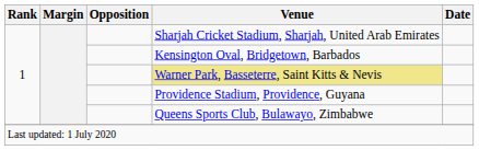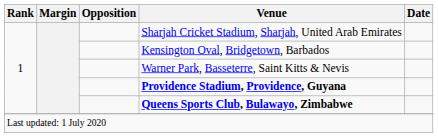 <table class="wikitable plainrowheaders sortable">
 <tr>
 <th scope=col>Rank</th>
 <th scope=col>Margin</th>
 <th scope=col>Opposition</th>
 <th scope=col>Venue</th>
 <th scope=col>Date</th>
 </tr>
 <tr>
 <td align=center rowspan=5>1</td>
 <th scope=row style=text-align:center; rowspan=5></th>
 <td></td>
 <td><a href='#'>Sharjah Cricket Stadium</a>, <a href='#'>Sharjah</a>, United Arab Emirates</td>
 <td></td>
 </tr>
 <tr>
 <td></td>
 <td><a href='#'>Kensington Oval</a>, <a href='#'>Bridgetown</a>, Barbados</td>
 <td></td>
 </tr>
 <tr>
 <td></td>
-<td style="background: khaki;"><a href='#'>Warner Park</a>, <a href='#'>Basseterre</a>, Saint Kitts & Nevis</td>
+<td><a href='#'>Warner Park</a>, <a href='#'>Basseterre</a>, Saint Kitts & Nevis</td>
 <td></td>
 </tr>
 <tr>
 <td></td>
-<td><a href='#'>Providence Stadium</a>, <a href='#'>Providence</a>, Guyana</td>
+<td><strong><a href='#'>Providence Stadium</a>, <a href='#'>Providence</a>, Guyana</strong></td>
 <td></td>
 </tr>
 <tr>
 <td></td>
-<td><a href='#'>Queens Sports Club</a>, <a href='#'>Bulawayo</a>, Zimbabwe</td>
+<td><strong><a href='#'>Queens Sports Club</a>, <a href='#'>Bulawayo</a>, Zimbabwe</strong></td>
 <td></td>
 </tr>
 <tr>
 </tr>
 <tr class=sortbottom>
 <td colspan=5><small>Last updated: 1 July 2020</small></td>
 </tr>
 </table>
